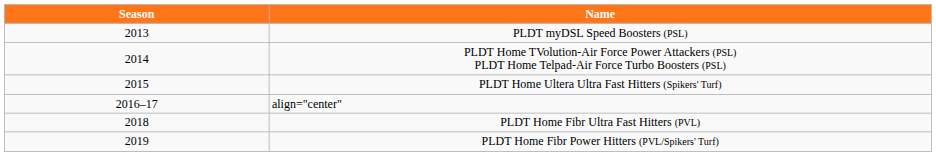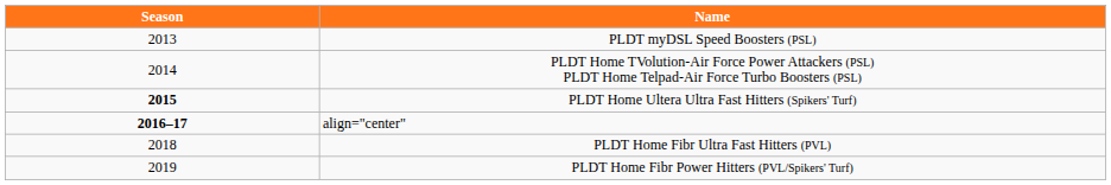 <table class="wikitable">
 <tr>
 <th width="12%" style="background:#FF7518; color: white; text-align: center">Season</th>
 <th width="30%" style="background:#FF7518; color: white; text-align: center">Name</th>
 </tr>
 <tr align="left">
 <td rowspan="1" align="center">2013</td>
 <td align="center">PLDT myDSL Speed Boosters <small>(PSL)</small></td>
 </tr>
 <tr align="left">
 <td rowspan="1" align="center">2014</td>
 <td align="center">PLDT Home TVolution-Air Force Power Attackers <small>(PSL)</small><br>PLDT Home Telpad-Air Force Turbo Boosters <small>(PSL)</small></td>
 </tr>
 <tr align="left">
-<td align="center">2015</td>
+<td align="center"><strong>2015</strong></td>
 <td align="center">PLDT Home Ultera Ultra Fast Hitters  <small>(Spikers' Turf)</small></td>
 </tr>
 <tr align="left">
-<td align="center">2016–17</td>
+<td align="center"><strong>2016–17</strong></td>
 <td>align="center" </td>
 </tr>
 <tr align="left">
 <td align="center">2018</td>
 <td align="center">PLDT Home Fibr Ultra Fast Hitters <small>(PVL)</small></td>
 </tr>
 <tr align="left">
 <td align="center">2019</td>
 <td align="center">PLDT Home Fibr Power Hitters <small>(PVL/Spikers' Turf)</small></td>
 </tr>
 </table>
